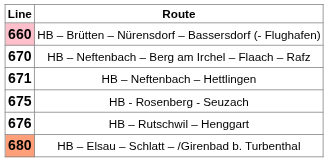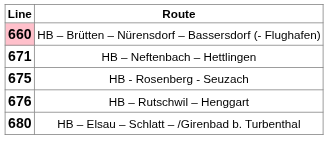 <table border="1" cellspacing="0" cellpadding="3" style="border-collapse:collapse; font-size:95%; margin-left:10px; margin-bottom:5px;">
 <tr>
 <th>Line</th>
 <th>Route</th>
 </tr>
 <tr align=center>
 <td style="background: pink;"><big><strong>660</strong></big></td>
 <td>HB – Brütten – Nürensdorf – Bassersdorf (- Flughafen)</td>
-</tr>
-<tr align=center>
-<td><big><strong>670</strong></big></td>
-<td>HB – Neftenbach – Berg am Irchel – Flaach – Rafz</td>
 </tr>
 <tr align=center>
 <td><big><strong>671</strong></big></td>
 <td>HB – Neftenbach – Hettlingen</td>
 </tr>
 <tr align=center>
 <td><big><strong>675</strong></big></td>
 <td>HB - Rosenberg - Seuzach</td>
 </tr>
 <tr align=center>
 <td><big><strong>676</strong></big></td>
 <td>HB – Rutschwil – Henggart</td>
 </tr>
 <tr align=center>
-<td style="background: lightsalmon;"><big><strong>680</strong></big></td>
+<td><big><strong>680</strong></big></td>
 <td>HB – Elsau – Schlatt – /Girenbad b. Turbenthal</td>
 </tr>
 </table>
